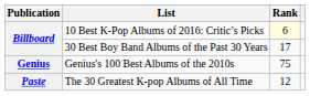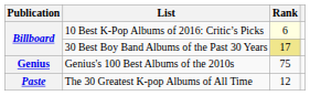 <table class="wikitable plainrowheaders sortable">
 <tr>
 <th>Publication</th>
 <th>List</th>
 <th>Rank</th>
 <th class="unsortable"></th>
 </tr>
 <tr>
 <th rowspan="2" scope="row"><em><a href='#'>Billboard</a></em></th>
 <td>10 Best K-Pop Albums of 2016: Critic’s Picks</td>
 <td align="center" style="background: lightyellow;">6</td>
 <td align="center"></td>
 </tr>
 <tr>
 <td>30 Best Boy Band Albums of the Past 30 Years</td>
-<td align="center">17</td>
+<td align="center" style="background: khaki;">17</td>
 <td align="center"></td>
 </tr>
 <tr>
 <th scope="row"><a href='#'>Genius</a></th>
 <td>Genius's 100 Best Albums of the 2010s</td>
 <td align="center">75</td>
 <td align="center"></td>
 </tr>
 <tr>
 <th scope="row"><em><a href='#'>Paste</a></em></th>
 <td>The 30 Greatest K-pop Albums of All Time</td>
 <td style="text-align:center;">12</td>
 <td style="text-align:center;"></td>
 </tr>
 </table>
